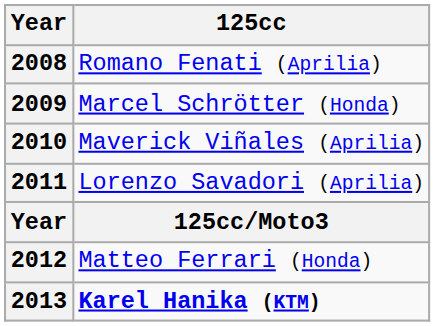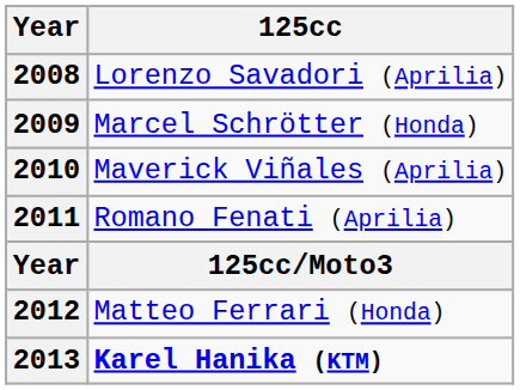 <table class="wikitable" style="font-size: 90%;">
 <tr>
 <th>Year</th>
 <th>125cc</th>
 </tr>
 <tr>
 <th>2008</th>
-<td> <a href='#'>Romano Fenati</a> <small>(<a href='#'>Aprilia</a>)</small></td>
+<td> <a href='#'>Lorenzo Savadori</a> <small>(<a href='#'>Aprilia</a>)</small></td>
 </tr>
 <tr>
 <th>2009</th>
 <td> <a href='#'>Marcel Schrötter</a> <small>(<a href='#'>Honda</a>)</small></td>
 </tr>
 <tr>
 <th>2010</th>
 <td> <a href='#'>Maverick Viñales</a> <small>(<a href='#'>Aprilia</a>)</small></td>
 </tr>
 <tr>
 <th>2011</th>
-<td> <a href='#'>Lorenzo Savadori</a> <small>(<a href='#'>Aprilia</a>)</small></td>
+<td> <a href='#'>Romano Fenati</a> <small>(<a href='#'>Aprilia</a>)</small></td>
 </tr>
 <tr>
 <th>Year</th>
 <th>125cc/Moto3</th>
 </tr>
 <tr>
 <th>2012</th>
 <td> <a href='#'>Matteo Ferrari</a> <small>(<a href='#'>Honda</a>)</small></td>
 </tr>
 <tr>
 <th>2013</th>
 <td><strong> <a href='#'>Karel Hanika</a> <small>(<a href='#'>KTM</a>)</small></strong></td>
 </tr>
 </table>
